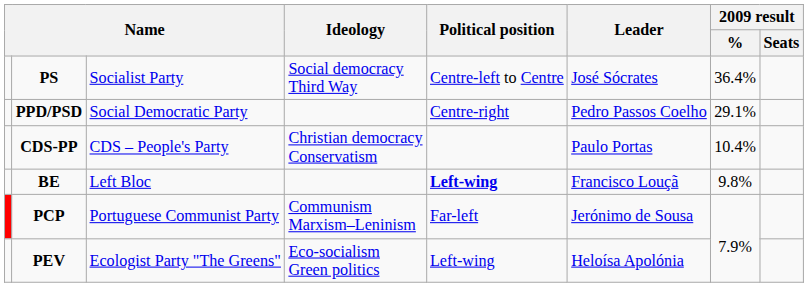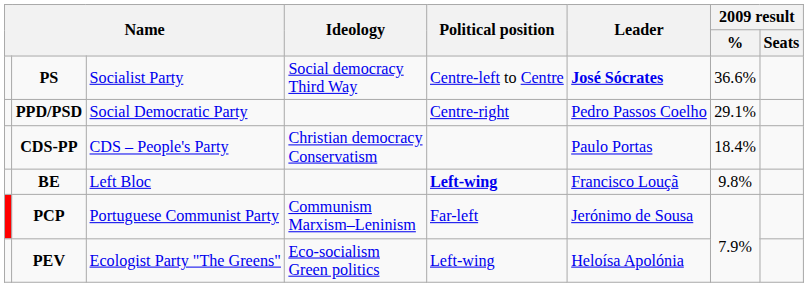 <table class="wikitable">
 <tr>
 <th rowspan="2" colspan="3">Name</th>
 <th rowspan="2">Ideology</th>
 <th rowspan="2">Political position</th>
 <th rowspan="2">Leader</th>
 <th colspan="2">2009 result</th>
 </tr>
 <tr>
 <th>%</th>
 <th>Seats</th>
 </tr>
 <tr>
 <td style="background:"></td>
 <td style="text-align:center;"><strong>PS</strong></td>
 <td><a href='#'>Socialist Party</a><br></td>
 <td><a href='#'>Social democracy</a><br><a href='#'>Third Way</a></td>
 <td><a href='#'>Centre-left</a> to <a href='#'>Centre</a></td>
-<td><a href='#'>José Sócrates</a></td>
-<td style="text-align:center;">36.4%</td>
+<td><strong><a href='#'>José Sócrates</a></strong></td>
+<td style="text-align:center;">36.6%</td>
 <td></td>
 </tr>
 <tr>
 <td style="background:"></td>
 <td style="text-align:center;"><strong>PPD/PSD</strong></td>
 <td><a href='#'>Social Democratic Party</a><br></td>
 <td></td>
 <td><a href='#'>Centre-right</a></td>
 <td><a href='#'>Pedro Passos Coelho</a></td>
 <td style="text-align:center;">29.1%</td>
 <td></td>
 </tr>
 <tr>
 <td style="background:"></td>
 <td style="text-align:center;"><strong>CDS-PP</strong></td>
 <td><a href='#'>CDS – People's Party</a><br></td>
 <td><a href='#'>Christian democracy</a><br><a href='#'>Conservatism</a></td>
 <td></td>
 <td><a href='#'>Paulo Portas</a></td>
-<td style="text-align:center;">10.4%</td>
+<td style="text-align:center;">18.4%</td>
 <td></td>
 </tr>
 <tr>
 <td style="background:"></td>
 <td style="text-align:center;"><strong>BE</strong></td>
 <td><a href='#'>Left Bloc</a><br></td>
 <td></td>
 <td><strong><a href='#'>Left-wing</a></strong></td>
 <td><a href='#'>Francisco Louçã</a></td>
 <td style="text-align:center;">9.8%</td>
 <td></td>
 </tr>
 <tr>
 <td style="background:#f00;"></td>
 <td style="text-align:center;"><strong>PCP</strong></td>
 <td><a href='#'>Portuguese Communist Party</a><br></td>
 <td><a href='#'>Communism</a><br><a href='#'>Marxism–Leninism</a></td>
 <td><a href='#'>Far-left</a></td>
 <td><a href='#'>Jerónimo de Sousa</a></td>
 <td rowspan="2" style="text-align:center;"><br>7.9%<br></td>
 <td></td>
 </tr>
 <tr>
 <td style="background:"></td>
 <td style="text-align:center;"><strong>PEV</strong></td>
 <td><a href='#'>Ecologist Party "The Greens"</a><br></td>
 <td><a href='#'>Eco-socialism</a><br><a href='#'>Green politics</a></td>
 <td><a href='#'>Left-wing</a></td>
 <td><a href='#'>Heloísa Apolónia</a></td>
 <td></td>
 </tr>
 </table>
